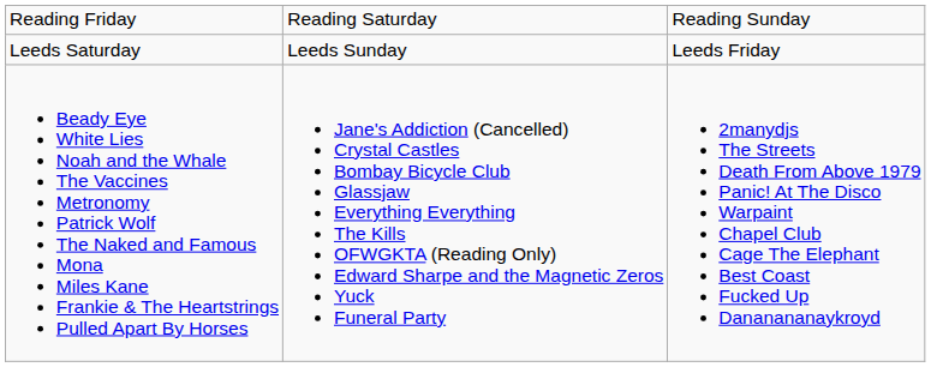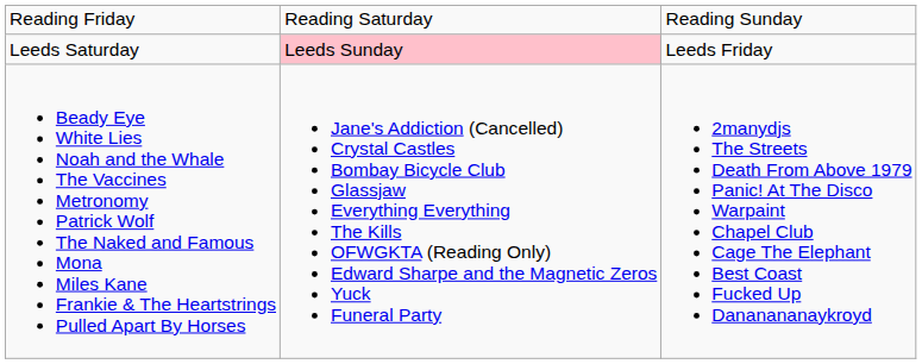 <table class="wikitable">
 <tr>
 <td>Reading Friday</td>
 <td>Reading Saturday</td>
 <td>Reading Sunday</td>
 </tr>
 <tr>
 <td>Leeds Saturday</td>
-<td>Leeds Sunday</td>
+<td style="background: pink;">Leeds Sunday</td>
 <td>Leeds Friday</td>
 </tr>
 <tr>
 <td><br><ul><li><a href='#'>Beady Eye</a></li><li><a href='#'>White Lies</a></li><li><a href='#'>Noah and the Whale</a></li><li><a href='#'>The Vaccines</a></li><li><a href='#'>Metronomy</a></li><li><a href='#'>Patrick Wolf</a></li><li><a href='#'>The Naked and Famous</a></li><li><a href='#'>Mona</a></li><li><a href='#'>Miles Kane</a></li><li><a href='#'>Frankie & The Heartstrings</a></li><li><a href='#'>Pulled Apart By Horses</a></li></ul></td>
 <td><br><ul><li><a href='#'>Jane's Addiction</a> (Cancelled)</li><li><a href='#'>Crystal Castles</a></li><li><a href='#'>Bombay Bicycle Club</a></li><li><a href='#'>Glassjaw</a></li><li><a href='#'>Everything Everything</a></li><li><a href='#'>The Kills</a></li><li><a href='#'>OFWGKTA</a> (Reading Only)</li><li><a href='#'>Edward Sharpe and the Magnetic Zeros</a></li><li><a href='#'>Yuck</a></li><li><a href='#'>Funeral Party</a></li></ul></td>
 <td><br><ul><li><a href='#'>2manydjs</a></li><li><a href='#'>The Streets</a></li><li><a href='#'>Death From Above 1979</a></li><li><a href='#'>Panic! At The Disco</a></li><li><a href='#'>Warpaint</a></li><li><a href='#'>Chapel Club</a></li><li><a href='#'>Cage The Elephant</a></li><li><a href='#'>Best Coast</a></li><li><a href='#'>Fucked Up</a></li><li><a href='#'>Dananananaykroyd</a></li></ul></td>
 </tr>
 </table>
